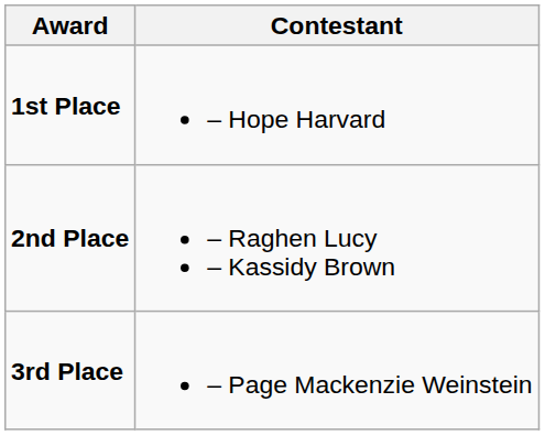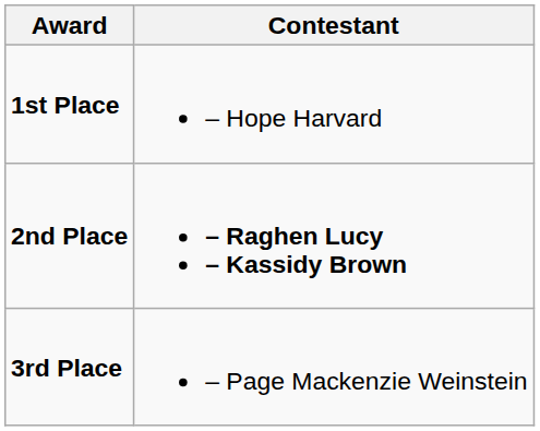 <table class="wikitable sortable" style="font-size: 95%;">
 <tr>
 <th>Award</th>
 <th>Contestant</th>
 </tr>
 <tr>
 <td><strong>1st Place</strong></td>
 <td><br><ul><li> – Hope Harvard</li></ul></td>
 </tr>
 <tr>
 <td><strong>2nd Place</strong></td>
-<td><br><ul><li> – Raghen Lucy</li><li> – Kassidy Brown</li></ul></td>
+<td><strong><br><ul><li> – Raghen Lucy</li><li> – Kassidy Brown</li></ul></strong></td>
 </tr>
 <tr>
 <td><strong>3rd Place</strong></td>
 <td><br><ul><li> – Page Mackenzie Weinstein</li></ul></td>
 </tr>
 </table>
